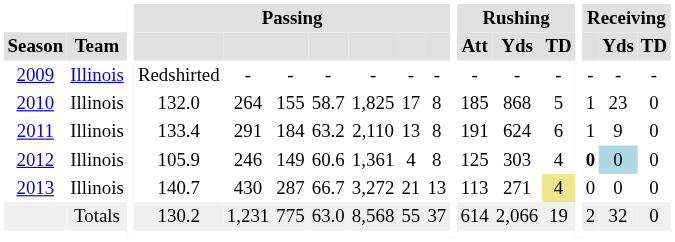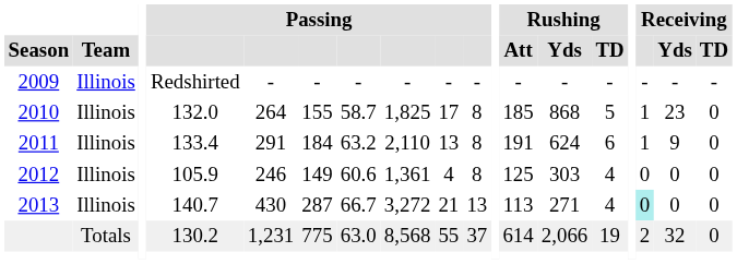 <table border="0" cellpadding="3" cellspacing="0" style="text-align:center">
 <tr style="background:#e0e0e0;">
 <th colspan="2" style="background:White;"></th>
 <th rowspan="99" style="background:White;"></th>
 <th colspan="7">Passing</th>
 <th rowspan="99" style="background:White;"></th>
 <th colspan="3">Rushing</th>
 <th rowspan="99" style="background:White;"></th>
 <th colspan="3">Receiving</th>
 </tr>
 <tr style="background:#e0e0e0;">
 <th>Season</th>
 <th>Team</th>
 <th></th>
 <th></th>
 <th></th>
 <th></th>
 <th></th>
 <th></th>
 <th></th>
 <th>Att</th>
 <th>Yds</th>
 <th>TD</th>
 <th></th>
 <th>Yds</th>
 <th>TD</th>
 </tr>
 <tr>
 <td><a href='#'>2009</a></td>
 <td><a href='#'>Illinois</a></td>
 <td>Redshirted</td>
 <td>-</td>
 <td>-</td>
 <td>-</td>
 <td>-</td>
 <td>-</td>
 <td>-</td>
 <td>-</td>
 <td>-</td>
 <td>-</td>
 <td>-</td>
 <td>-</td>
 <td>-</td>
 </tr>
 <tr>
 <td><a href='#'>2010</a></td>
 <td>Illinois</td>
 <td>132.0</td>
 <td>264</td>
 <td>155</td>
 <td>58.7</td>
 <td>1,825</td>
 <td>17</td>
 <td>8</td>
 <td>185</td>
 <td>868</td>
 <td>5</td>
 <td>1</td>
 <td>23</td>
 <td>0</td>
 </tr>
 <tr>
 <td><a href='#'>2011</a></td>
 <td>Illinois</td>
 <td>133.4</td>
 <td>291</td>
 <td>184</td>
 <td>63.2</td>
 <td>2,110</td>
 <td>13</td>
 <td>8</td>
 <td>191</td>
 <td>624</td>
 <td>6</td>
 <td>1</td>
 <td>9</td>
 <td>0</td>
 </tr>
 <tr>
 <td><a href='#'>2012</a></td>
 <td>Illinois</td>
 <td>105.9</td>
 <td>246</td>
 <td>149</td>
 <td>60.6</td>
 <td>1,361</td>
 <td>4</td>
 <td>8</td>
 <td>125</td>
 <td>303</td>
 <td>4</td>
-<td><strong>0</strong></td>
-<td style="background: lightblue;">0</td>
+<td>0</td>
+<td>0</td>
 <td>0</td>
 </tr>
 <tr>
 <td><a href='#'>2013</a></td>
 <td>Illinois</td>
 <td>140.7</td>
 <td>430</td>
 <td>287</td>
 <td>66.7</td>
 <td>3,272</td>
 <td>21</td>
 <td>13</td>
 <td>113</td>
 <td>271</td>
-<td style="background: khaki;">4</td>
-<td>0</td>
+<td>4</td>
+<td style="background: paleturquoise;">0</td>
 <td>0</td>
 <td>0</td>
 </tr>
 <tr style="background:#f0f0f0;">
 <td></td>
 <td>Totals</td>
 <td>130.2</td>
 <td>1,231</td>
 <td>775</td>
 <td>63.0</td>
 <td>8,568</td>
 <td>55</td>
 <td>37</td>
 <td>614</td>
 <td>2,066</td>
 <td>19</td>
 <td>2</td>
 <td>32</td>
 <td>0</td>
 </tr>
 <tr>
 <td></td>
 </tr>
 </table>
